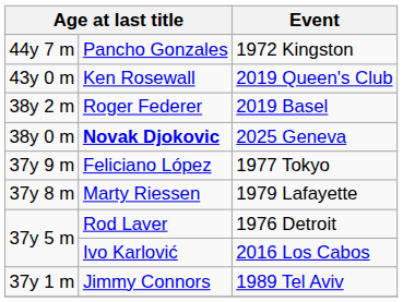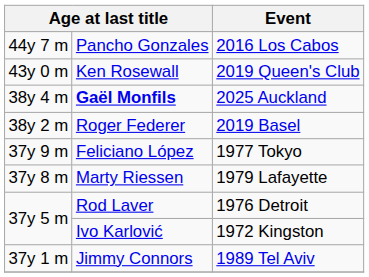 <table class="wikitable" style="display:inline-table;">
 <tr>
 <th colspan=2>Age at last title</th>
 <th>Event</th>
 </tr>
 <tr>
 <td>44y 7 m</td>
 <td> <a href='#'>Pancho Gonzales</a></td>
-<td>1972 Kingston</td>
+<td><a href='#'>2016 Los Cabos</a></td>
 </tr>
 <tr>
 <td>43y 0 m</td>
 <td> <a href='#'>Ken Rosewall</a></td>
 <td><a href='#'>2019 Queen's Club</a></td>
 </tr>
 <tr>
+<td>38y 4 m</td>
+<td><strong> <a href='#'>Gaël Monfils</a></strong></td>
+<td><a href='#'>2025 Auckland</a></td>
+</tr>
+<tr>
 <td>38y 2 m</td>
 <td> <a href='#'>Roger Federer</a></td>
 <td><a href='#'>2019 Basel</a></td>
-</tr>
-<tr>
-<td>38y 0 m</td>
-<td> <strong><a href='#'>Novak Djokovic</a></strong></td>
-<td><a href='#'>2025 Geneva</a></td>
 </tr>
 <tr>
 <td>37y 9 m</td>
 <td> <a href='#'>Feliciano López</a></td>
 <td>1977 Tokyo</td>
 </tr>
 <tr>
 <td>37y 8 m</td>
 <td> <a href='#'>Marty Riessen</a></td>
 <td>1979 Lafayette</td>
 </tr>
 <tr>
 <td rowspan=2>37y 5 m</td>
 <td> <a href='#'>Rod Laver</a></td>
 <td>1976 Detroit</td>
 </tr>
 <tr>
 <td> <a href='#'>Ivo Karlović</a></td>
-<td><a href='#'>2016 Los Cabos</a></td>
+<td>1972 Kingston</td>
 </tr>
 <tr>
 <td>37y 1 m</td>
 <td> <a href='#'>Jimmy Connors</a></td>
 <td><a href='#'>1989 Tel Aviv</a></td>
 </tr>
 <tr>
 </tr>
 </table>
